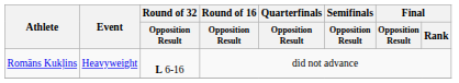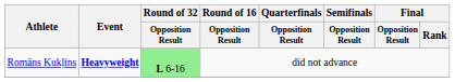 <table class=wikitable style="font-size:90%">
 <tr>
 <th rowspan="2">Athlete</th>
 <th rowspan="2">Event</th>
 <th>Round of 32</th>
 <th>Round of 16</th>
 <th>Quarterfinals</th>
 <th>Semifinals</th>
 <th colspan="2">Final</th>
 </tr>
 <tr>
 <th style="line-height:1em"><small>Opposition<br>Result</small></th>
 <th style="line-height:1em"><small>Opposition<br>Result</small></th>
 <th style="line-height:1em"><small>Opposition<br>Result</small></th>
 <th style="line-height:1em"><small>Opposition<br>Result</small></th>
 <th style="line-height:1em"><small>Opposition<br>Result</small></th>
 <th>Rank</th>
 </tr>
 <tr>
 <td><a href='#'>Romāns Kukļins</a></td>
-<td><a href='#'>Heavyweight</a></td>
-<td align="center"><br><strong>L</strong> 6-16</td>
+<td><strong><a href='#'>Heavyweight</a></strong></td>
+<td align="center" style="background: lightgreen;"><br><strong>L</strong> 6-16</td>
 <td align="center" colspan="5">did not advance</td>
 </tr>
 <tr>
 </tr>
 </table>
